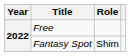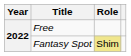 <table class="wikitable plainrowheaders sortable">
 <tr>
 <th scope="col">Year</th>
 <th scope="col">Title</th>
 <th scope="col">Role</th>
 <th scope="col" class="unsortable"></th>
 </tr>
 <tr>
 <th scope="row" rowspan=2>2022</th>
 <td><em>Free</em></td>
 <td></td>
 <td style="text-align:center"></td>
 </tr>
 <tr>
 <td><em>Fantasy Spot</em></td>
-<td>Shim</td>
+<td style="background: khaki;">Shim</td>
 <td style="text-align:center"></td>
 </tr>
 </table>
